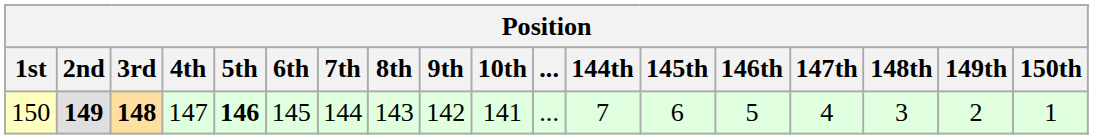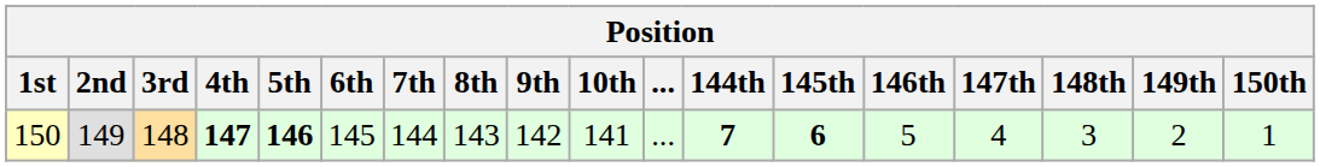 <table class="wikitable" style="font-size:85%; text-align:center">
 <tr style="background:#f9f9f9">
 <th colspan="18">Position</th>
 </tr>
 <tr>
 <th>1st</th>
 <th>2nd</th>
 <th>3rd</th>
 <th>4th</th>
 <th>5th</th>
 <th>6th</th>
 <th>7th</th>
 <th>8th</th>
 <th>9th</th>
 <th>10th</th>
 <th>...</th>
 <th>144th</th>
 <th>145th</th>
 <th>146th</th>
 <th>147th</th>
 <th>148th</th>
 <th>149th</th>
 <th>150th</th>
 </tr>
 <tr>
 <td bgcolor="#ffffbf">150</td>
-<td bgcolor="#dfdfdf"><strong>149</strong></td>
-<td bgcolor="#ffdf9f"><strong>148</strong></td>
-<td bgcolor="#dfffdf">147</td>
+<td bgcolor="#dfdfdf">149</td>
+<td bgcolor="#ffdf9f">148</td>
+<td bgcolor="#dfffdf"><strong>147</strong></td>
 <td bgcolor="#dfffdf"><strong>146</strong></td>
 <td bgcolor="#dfffdf">145</td>
 <td bgcolor="#dfffdf">144</td>
 <td bgcolor="#dfffdf">143</td>
 <td bgcolor="#dfffdf">142</td>
 <td bgcolor="#dfffdf">141</td>
 <td bgcolor="#dfffdf">...</td>
-<td bgcolor="#dfffdf">7</td>
-<td bgcolor="#dfffdf">6</td>
+<td bgcolor="#dfffdf"><strong>7</strong></td>
+<td bgcolor="#dfffdf"><strong>6</strong></td>
 <td bgcolor="#dfffdf">5</td>
 <td bgcolor="#dfffdf">4</td>
 <td bgcolor="#dfffdf">3</td>
 <td bgcolor="#dfffdf">2</td>
 <td bgcolor="#dfffdf">1</td>
 </tr>
 </table>
